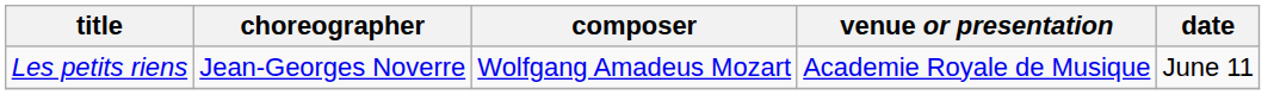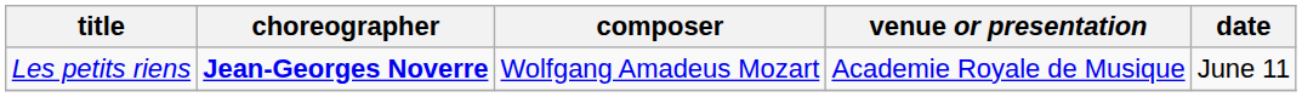 <table class="wikitable sortable">
 <tr>
 <th>title</th>
 <th>choreographer</th>
 <th>composer</th>
 <th>venue <em>or presentation</em></th>
 <th>date</th>
 </tr>
 <tr>
 <td><em><a href='#'>Les petits riens</a></em></td>
-<td><a href='#'>Jean-Georges Noverre</a></td>
+<td><strong><a href='#'>Jean-Georges Noverre</a></strong></td>
 <td><a href='#'>Wolfgang Amadeus Mozart</a></td>
 <td><a href='#'>Academie Royale de Musique</a></td>
 <td>June 11</td>
 </tr>
 <tr>
 </tr>
 </table>
